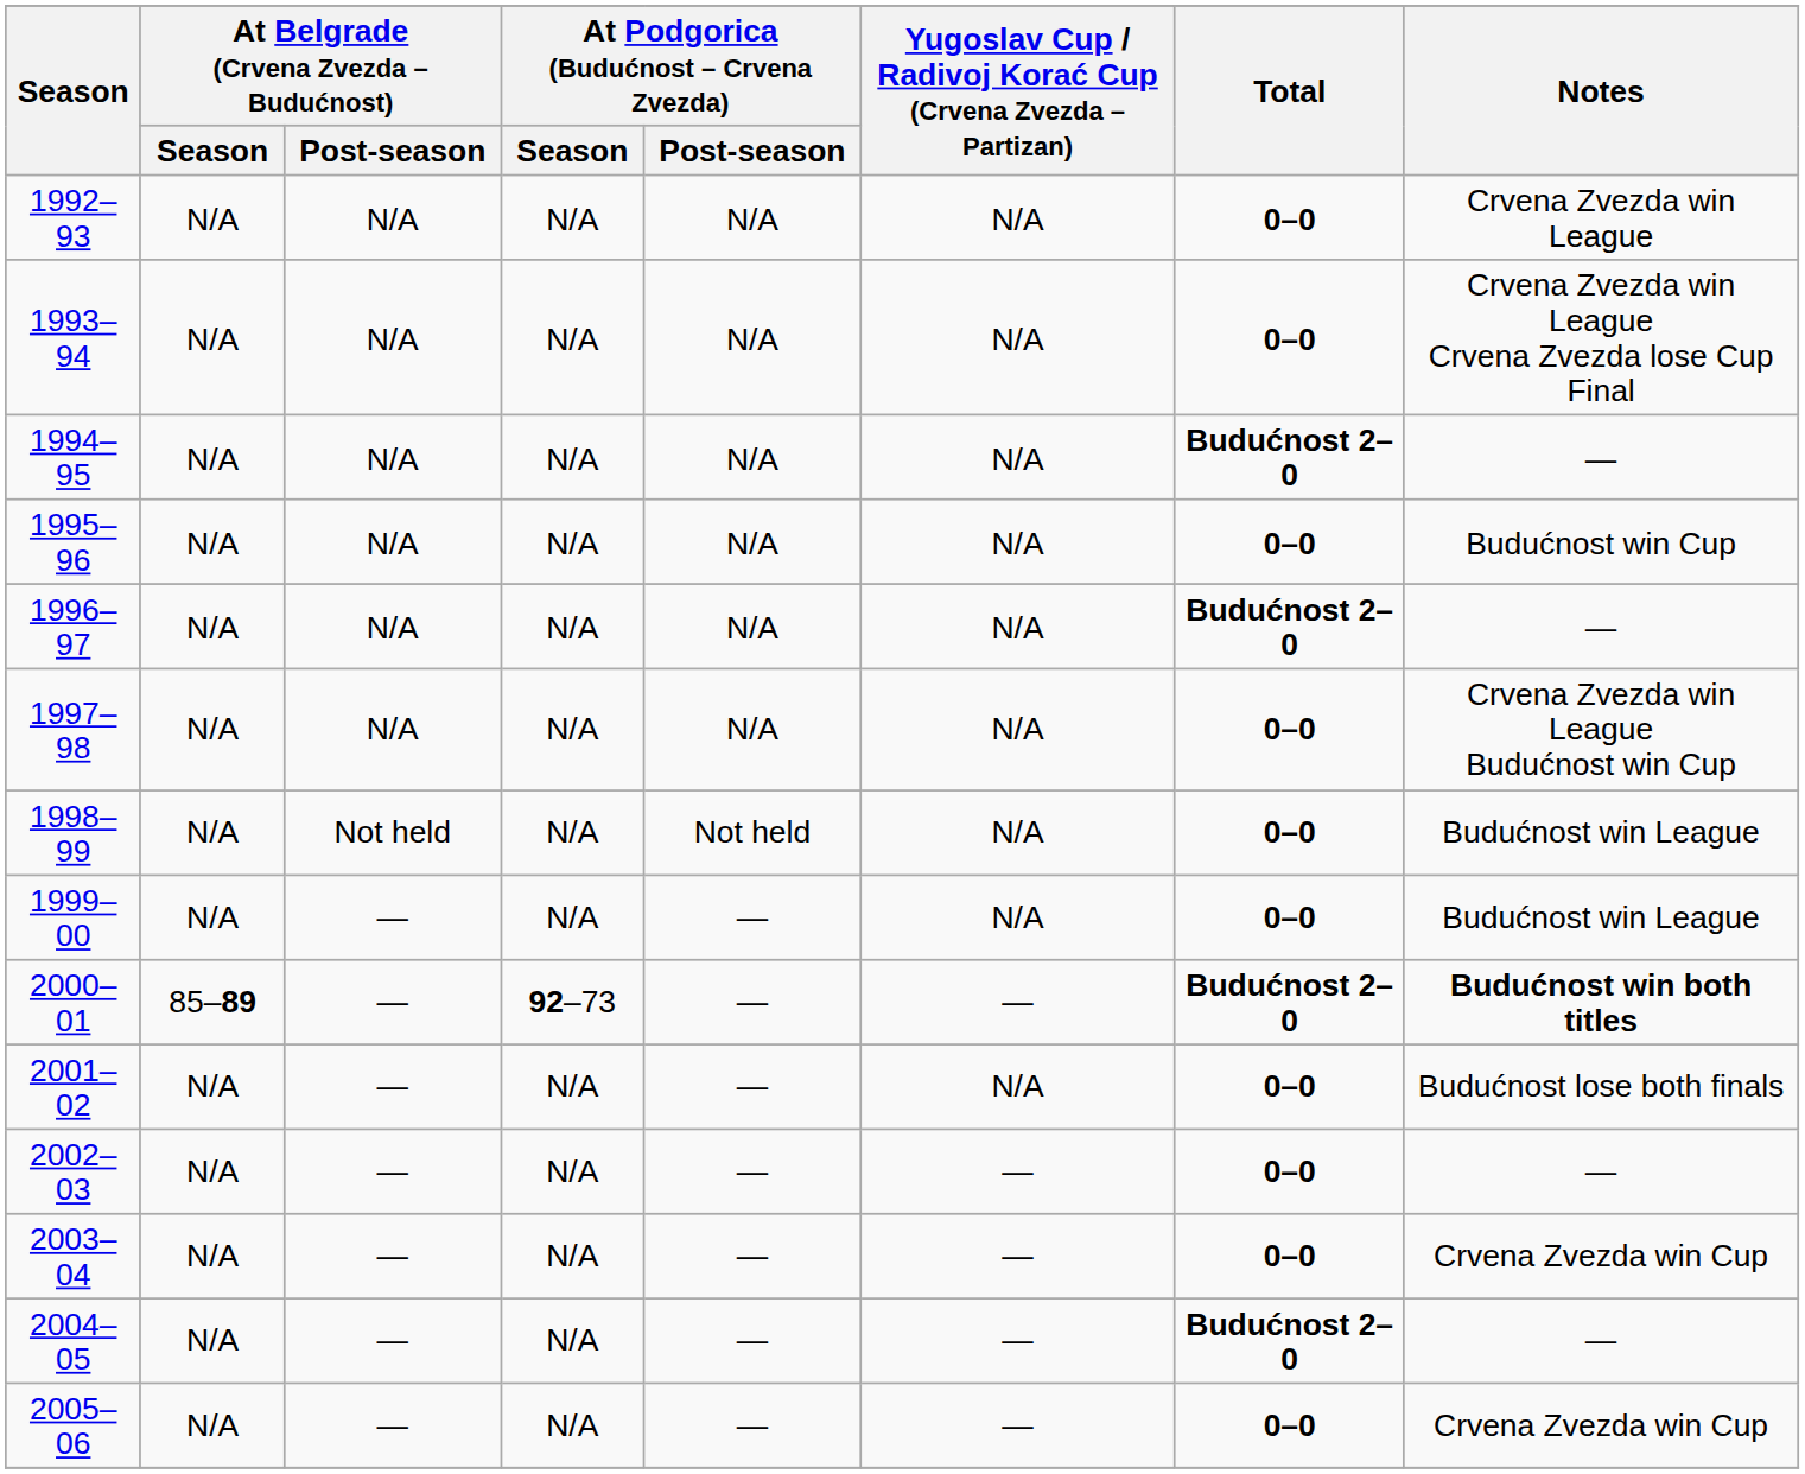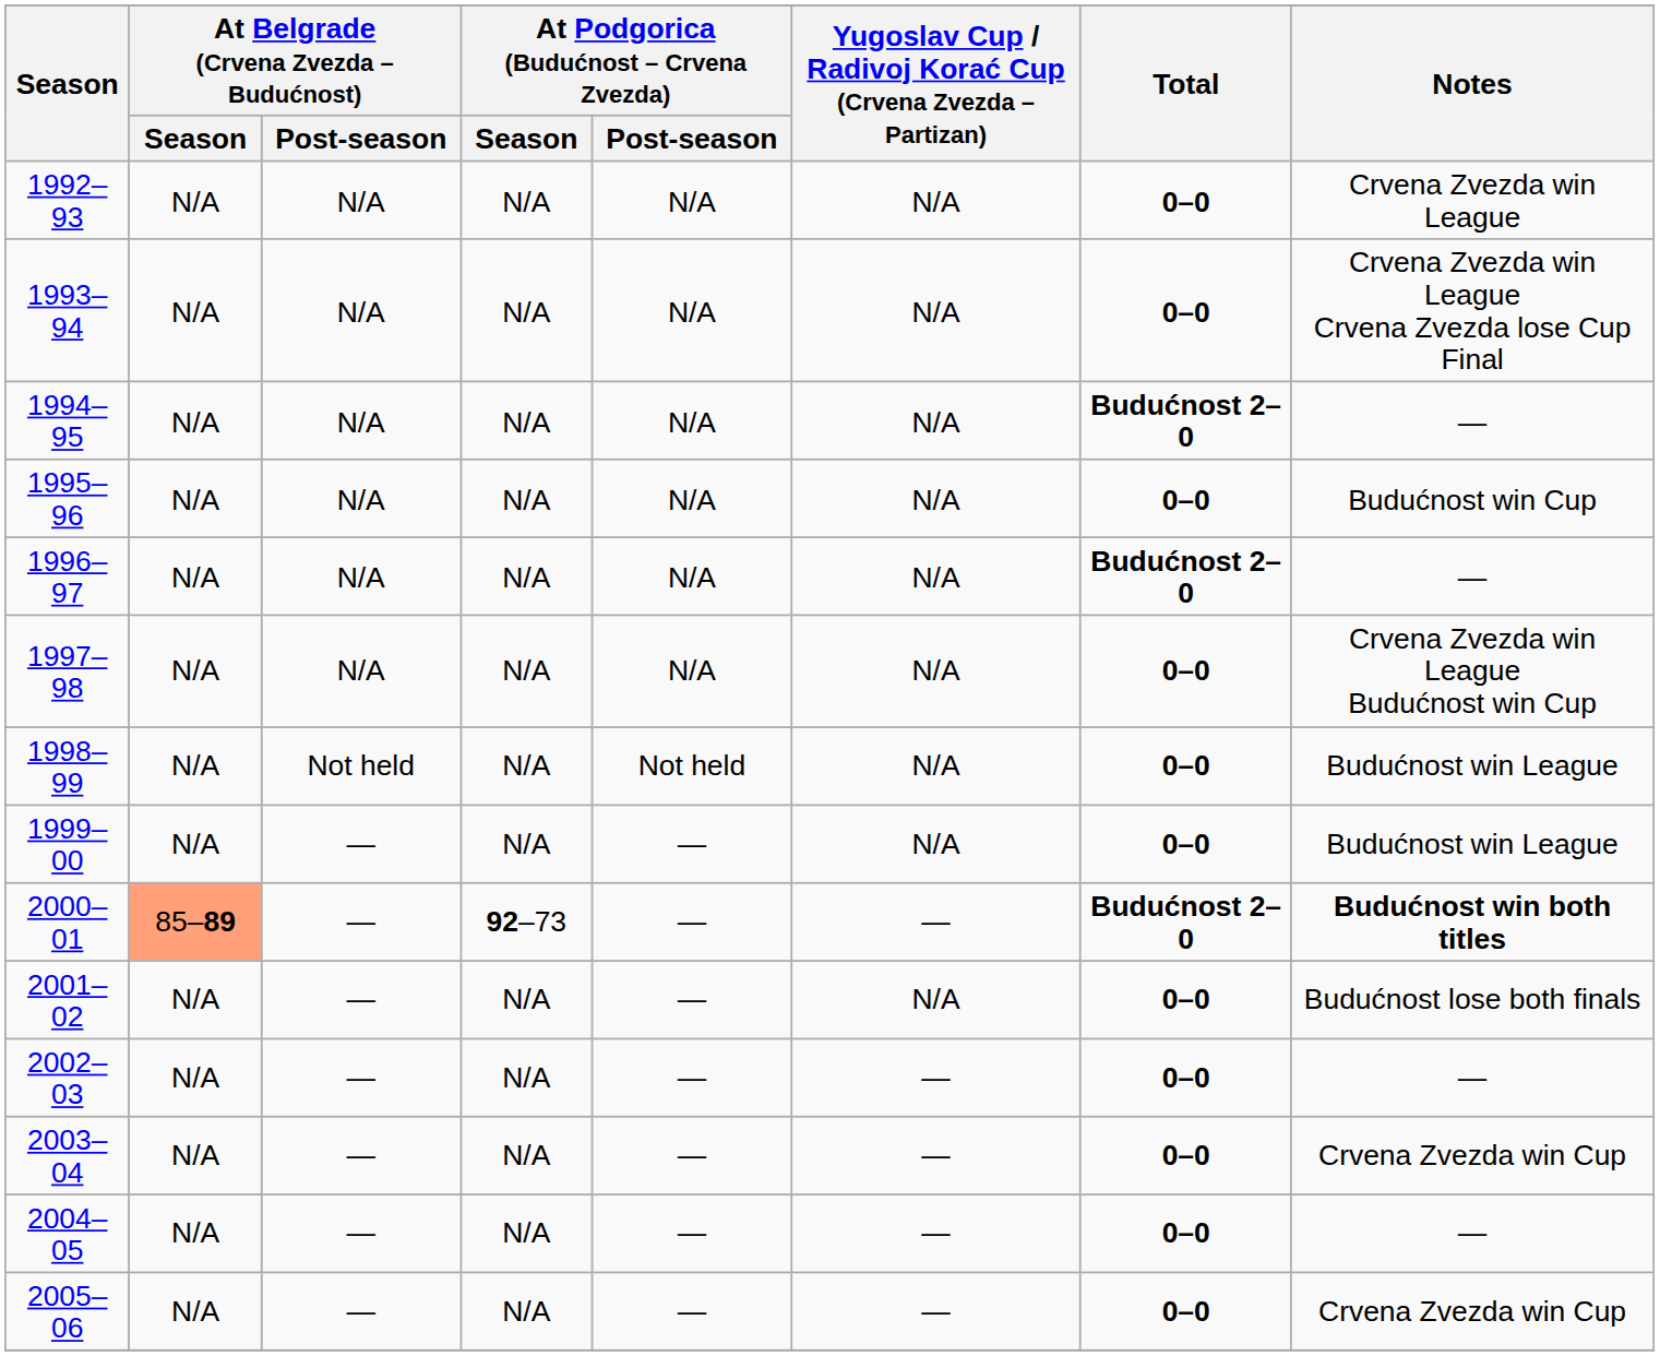 <table class="wikitable collapsible collapsed" style="text-align: center; font-size:95%">
 <tr>
 </tr>
 <tr>
 <th rowspan=2>Season</th>
 <th colspan=2>At <a href='#'>Belgrade</a><br><small>(Crvena Zvezda – Budućnost)</small></th>
 <th colspan=2>At <a href='#'>Podgorica</a><br><small>(Budućnost – Crvena Zvezda)</small></th>
 <th rowspan=2><a href='#'>Yugoslav Cup</a> /<br> <a href='#'>Radivoj Korać Cup</a><br><small>(Crvena Zvezda – Partizan)</small></th>
 <th rowspan=2>Total</th>
 <th rowspan=2>Notes</th>
 </tr>
 <tr>
 <th>Season</th>
 <th>Post-season</th>
 <th>Season</th>
 <th>Post-season</th>
 </tr>
 <tr>
 <td><a href='#'>1992–93</a></td>
 <td>N/A</td>
 <td>N/A</td>
 <td>N/A</td>
 <td>N/A</td>
 <td>N/A</td>
 <td><strong>0–0</strong></td>
 <td>Crvena Zvezda win League</td>
 </tr>
 <tr>
 <td><a href='#'>1993–94</a></td>
 <td>N/A</td>
 <td>N/A</td>
 <td>N/A</td>
 <td>N/A</td>
 <td>N/A</td>
 <td><strong>0–0</strong></td>
 <td>Crvena Zvezda win League<br>Crvena Zvezda lose Cup Final</td>
 </tr>
 <tr>
 <td><a href='#'>1994–95</a></td>
 <td>N/A</td>
 <td>N/A</td>
 <td>N/A</td>
 <td>N/A</td>
 <td>N/A</td>
 <td><strong>Budućnost 2–0</strong></td>
 <td>—</td>
 </tr>
 <tr>
 <td><a href='#'>1995–96</a></td>
 <td>N/A</td>
 <td>N/A</td>
 <td>N/A</td>
 <td>N/A</td>
 <td>N/A</td>
 <td><strong>0–0</strong></td>
 <td>Budućnost win Cup</td>
 </tr>
 <tr>
 <td><a href='#'>1996–97</a></td>
 <td>N/A</td>
 <td>N/A</td>
 <td>N/A</td>
 <td>N/A</td>
 <td>N/A</td>
 <td><strong>Budućnost 2–0</strong></td>
 <td>—</td>
 </tr>
 <tr>
 <td><a href='#'>1997–98</a></td>
 <td>N/A</td>
 <td>N/A</td>
 <td>N/A</td>
 <td>N/A</td>
 <td>N/A</td>
 <td><strong>0–0</strong></td>
 <td>Crvena Zvezda win League<br>Budućnost win Cup</td>
 </tr>
 <tr>
 <td><a href='#'>1998–99</a></td>
 <td>N/A</td>
 <td>Not held</td>
 <td>N/A</td>
 <td>Not held</td>
 <td>N/A</td>
 <td><strong>0–0</strong></td>
 <td>Budućnost win League</td>
 </tr>
 <tr>
 <td><a href='#'>1999–00</a></td>
 <td>N/A</td>
 <td>—</td>
 <td>N/A</td>
 <td>—</td>
 <td>N/A</td>
 <td><strong>0–0</strong></td>
 <td>Budućnost win League</td>
 </tr>
 <tr>
 <td><a href='#'>2000–01</a></td>
-<td>85–<strong>89</strong></td>
+<td style="background: lightsalmon;">85–<strong>89</strong></td>
 <td>—</td>
 <td><strong>92</strong>–73</td>
 <td>—</td>
 <td>—</td>
 <td><strong>Budućnost 2–0</strong></td>
 <td><strong>Budućnost win both titles</strong></td>
 </tr>
 <tr>
 <td><a href='#'>2001–02</a></td>
 <td>N/A</td>
 <td>—</td>
 <td>N/A</td>
 <td>—</td>
 <td>N/A</td>
 <td><strong>0–0</strong></td>
 <td>Budućnost lose both finals</td>
 </tr>
 <tr>
 <td><a href='#'>2002–03</a></td>
 <td>N/A</td>
 <td>—</td>
 <td>N/A</td>
 <td>—</td>
 <td>—</td>
 <td><strong>0–0</strong></td>
 <td>—</td>
 </tr>
 <tr>
 <td><a href='#'>2003–04</a></td>
 <td>N/A</td>
 <td>—</td>
 <td>N/A</td>
 <td>—</td>
 <td>—</td>
 <td><strong>0–0</strong></td>
 <td>Crvena Zvezda win Cup</td>
 </tr>
 <tr>
 <td><a href='#'>2004–05</a></td>
 <td>N/A</td>
 <td>—</td>
 <td>N/A</td>
 <td>—</td>
 <td>—</td>
-<td><strong>Budućnost 2–0</strong></td>
+<td><strong>0–0</strong></td>
 <td>—</td>
 </tr>
 <tr>
 <td><a href='#'>2005–06</a></td>
 <td>N/A</td>
 <td>—</td>
 <td>N/A</td>
 <td>—</td>
 <td>—</td>
 <td><strong>0–0</strong></td>
 <td>Crvena Zvezda win Cup</td>
 </tr>
 <tr>
 </tr>
 </table>
